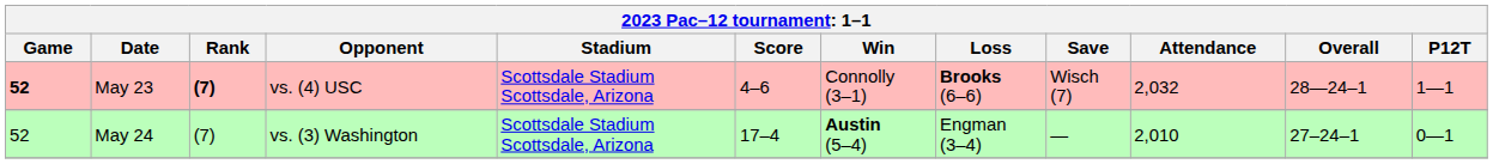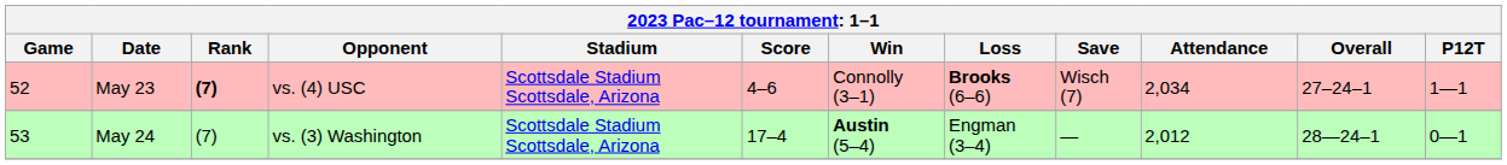 <table class="wikitable collapsible collapsed" style="margin:auto; font-size:95%; width:100%">
 <tr>
 <th colspan=12><a href='#'>2023 Pac–12 tournament</a>: 1–1</th>
 </tr>
 <tr>
 <th>Game</th>
 <th>Date</th>
 <th>Rank</th>
 <th>Opponent</th>
 <th>Stadium</th>
 <th>Score</th>
 <th>Win</th>
 <th>Loss</th>
 <th>Save</th>
 <th>Attendance</th>
 <th>Overall</th>
 <th>P12T</th>
 </tr>
 <tr style="background:  #fbb;">
-<td><strong>52</strong></td>
+<td>52</td>
 <td>May 23</td>
 <td><strong>(7)</strong></td>
 <td>vs. (4) USC</td>
 <td><a href='#'>Scottsdale Stadium</a><br><a href='#'>Scottsdale, Arizona</a></td>
 <td>4–6</td>
 <td>Connolly<br>(3–1)</td>
 <td><strong>Brooks</strong><br>(6–6)</td>
 <td>Wisch<br>(7)</td>
-<td>2,032</td>
-<td>28—24–1</td>
+<td>2,034</td>
+<td>27–24–1</td>
 <td>1—1</td>
 </tr>
 <tr>
 </tr>
 <tr style="background:  #bfb;">
-<td>52</td>
+<td>53</td>
 <td>May 24</td>
 <td>(7)</td>
 <td>vs. (3) Washington</td>
 <td><a href='#'>Scottsdale Stadium</a><br><a href='#'>Scottsdale, Arizona</a></td>
 <td>17–4<br></td>
 <td><strong>Austin</strong> <br>(5–4)</td>
 <td>Engman<br>(3–4)</td>
 <td>—</td>
-<td>2,010</td>
-<td>27–24–1</td>
+<td>2,012</td>
+<td>28—24–1</td>
 <td>0—1</td>
 </tr>
 <tr>
 </tr>
 </table>
